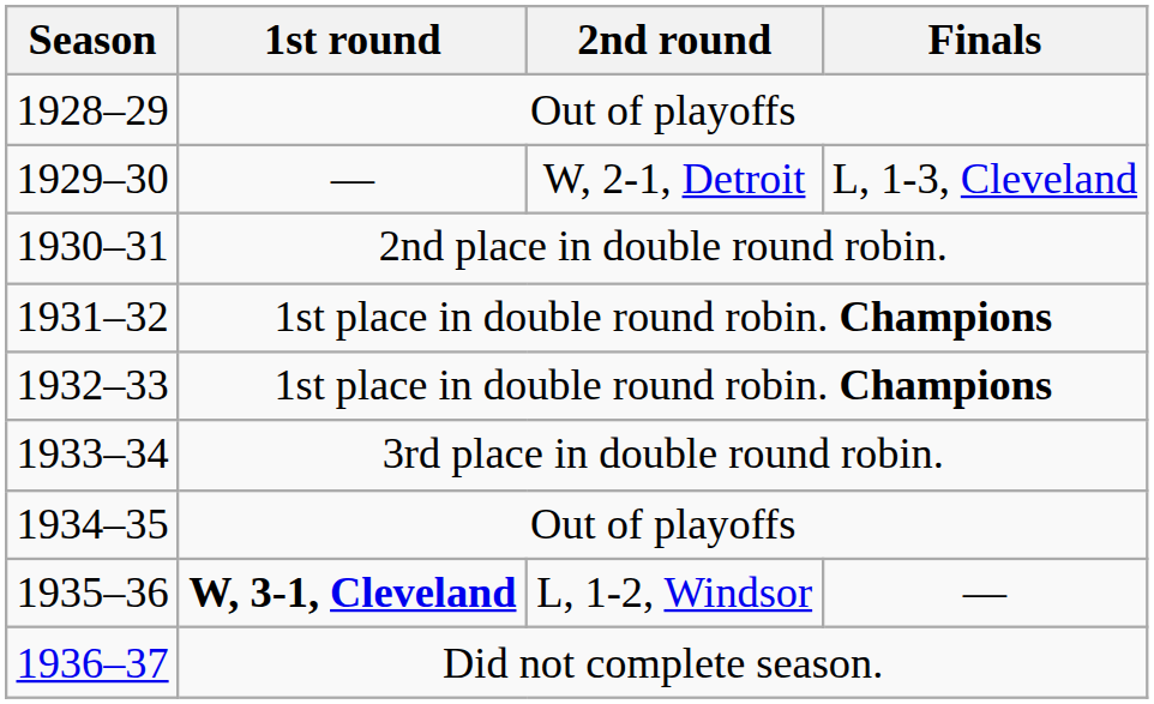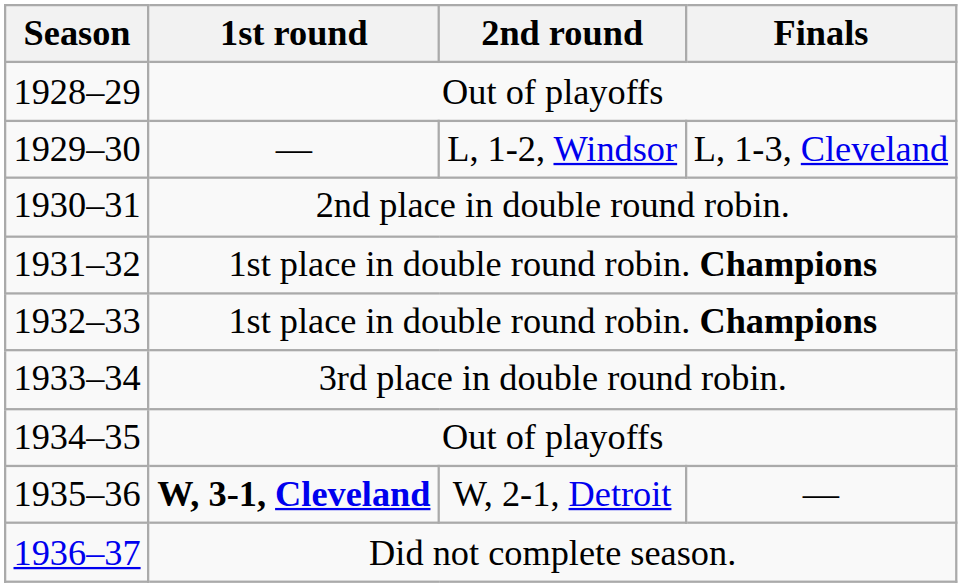 <table class="wikitable" style="text-align:center">
 <tr>
 <th>Season</th>
 <th>1st round</th>
 <th>2nd round</th>
 <th>Finals</th>
 </tr>
 <tr>
 <td>1928–29</td>
 <td colspan="3">Out of playoffs</td>
 </tr>
 <tr>
 <td>1929–30</td>
 <td>—</td>
-<td>W, 2-1, <a href='#'>Detroit</a></td>
+<td>L, 1-2, <a href='#'>Windsor</a></td>
 <td>L, 1-3, <a href='#'>Cleveland</a></td>
 </tr>
 <tr>
 <td>1930–31</td>
 <td colspan="3">2nd place in double round robin.</td>
 </tr>
 <tr>
 <td>1931–32</td>
 <td colspan="3">1st place in double round robin. <strong>Champions</strong></td>
 </tr>
 <tr>
 <td>1932–33</td>
 <td colspan="3">1st place in double round robin. <strong>Champions</strong></td>
 </tr>
 <tr>
 <td>1933–34</td>
 <td colspan="3">3rd place in double round robin.</td>
 </tr>
 <tr>
 <td>1934–35</td>
 <td colspan="3">Out of playoffs</td>
 </tr>
 <tr>
 <td>1935–36</td>
 <td><strong>W, 3-1, <a href='#'>Cleveland</a></strong></td>
-<td>L, 1-2, <a href='#'>Windsor</a></td>
+<td>W, 2-1, <a href='#'>Detroit</a></td>
 <td>—</td>
 </tr>
 <tr>
 <td><a href='#'>1936–37</a></td>
 <td colspan="3">Did not complete season.</td>
 </tr>
 </table>
